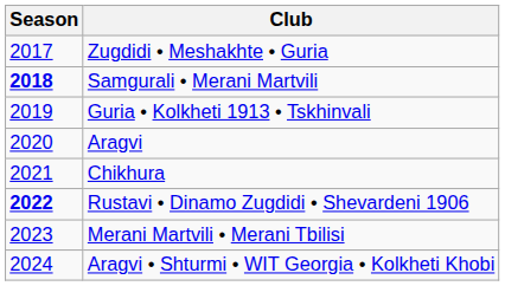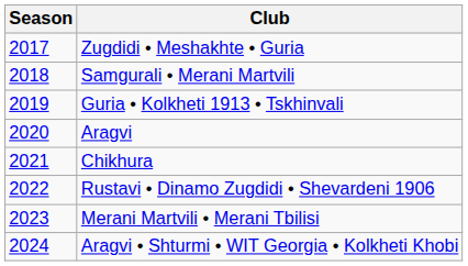 <table class="wikitable">
 <tr>
 <th>Season</th>
 <th>Club</th>
 </tr>
 <tr>
 <td><a href='#'>2017</a></td>
 <td><a href='#'>Zugdidi</a> • <a href='#'>Meshakhte</a> • <a href='#'>Guria</a></td>
 </tr>
 <tr>
-<td><strong><a href='#'>2018</a></strong></td>
+<td><a href='#'>2018</a></td>
 <td><a href='#'>Samgurali</a> • <a href='#'>Merani Martvili</a></td>
 </tr>
 <tr>
 <td><a href='#'>2019</a></td>
 <td><a href='#'>Guria</a> • <a href='#'>Kolkheti 1913</a> • <a href='#'>Tskhinvali</a></td>
 </tr>
 <tr>
 <td><a href='#'>2020</a></td>
 <td><a href='#'>Aragvi</a></td>
 </tr>
 <tr>
 <td><a href='#'>2021</a></td>
 <td><a href='#'>Chikhura</a></td>
 </tr>
 <tr>
-<td><strong><a href='#'>2022</a></strong></td>
+<td><a href='#'>2022</a></td>
 <td><a href='#'>Rustavi</a> • <a href='#'>Dinamo Zugdidi</a> • <a href='#'>Shevardeni 1906</a></td>
 </tr>
 <tr>
 <td><a href='#'>2023</a></td>
 <td><a href='#'>Merani Martvili</a> • <a href='#'>Merani Tbilisi</a></td>
 </tr>
 <tr>
 <td><a href='#'>2024</a></td>
 <td><a href='#'>Aragvi</a> • <a href='#'>Shturmi</a> • <a href='#'>WIT Georgia</a> • <a href='#'>Kolkheti Khobi</a></td>
 </tr>
 </table>
